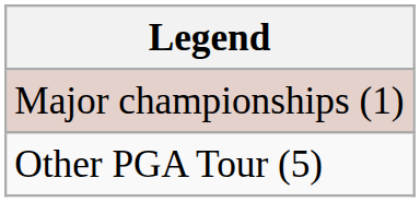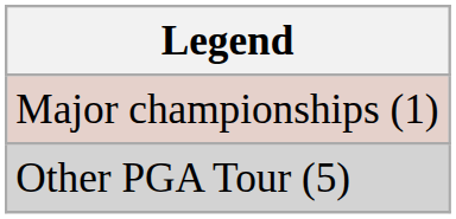 <table class="wikitable" style="font-size:95%;">
 <tr>
 <th>Legend</th>
 </tr>
 <tr style="background:#e5d1cb;">
 <td>Major championships  (1)</td>
 </tr>
 <tr>
-<td>Other PGA Tour (5)</td>
+<td style="background: lightgrey;">Other PGA Tour (5)</td>
 </tr>
 </table>
